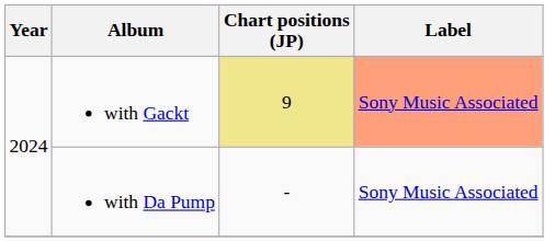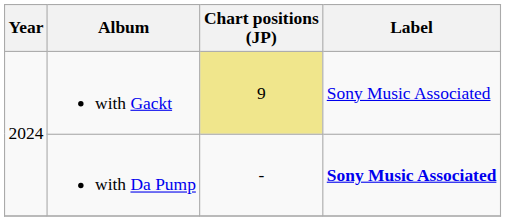 <table class="wikitable">
 <tr>
 <th>Year</th>
 <th>Album</th>
 <th>Chart positions<br>(JP)</th>
 <th>Label</th>
 </tr>
 <tr>
 <td rowspan="2">2024</td>
 <td><br><ul><li>with <a href='#'>Gackt</a></li></ul></td>
 <td align="center" style="background: khaki;">9</td>
-<td style="background: lightsalmon;"><a href='#'>Sony Music Associated</a></td>
+<td><a href='#'>Sony Music Associated</a></td>
 </tr>
 <tr>
 <td><br><ul><li>with <a href='#'>Da Pump</a></li></ul></td>
 <td align="center">-</td>
-<td><a href='#'>Sony Music Associated</a></td>
+<td><strong><a href='#'>Sony Music Associated</a></strong></td>
 </tr>
 <tr>
 </tr>
 </table>
